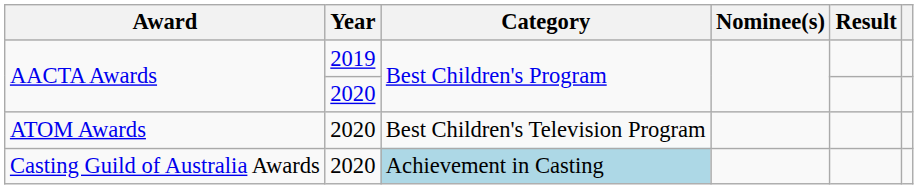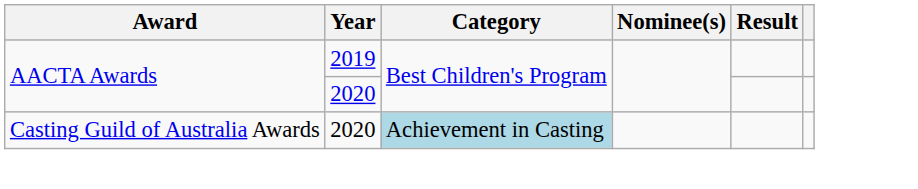 <table class="wikitable sortable">
 <tr>
 <th scop="col">Award</th>
 <th scope="col">Year</th>
 <th scope"col">Category</th>
 <th scope"col">Nominee(s)</th>
 <th scope="col">Result</th>
 <th scope="col" class="unsortable" style="align:center"></th>
 </tr>
 <tr>
 <td rowspan="2"><a href='#'>AACTA Awards</a></td>
 <td><a href='#'>2019</a></td>
 <td rowspan="2"><a href='#'>Best Children's Program</a></td>
 <td rowspan="2"></td>
 <td></td>
 <td></td>
 </tr>
 <tr>
 <td><a href='#'>2020</a></td>
 <td></td>
 <td></td>
 </tr>
 <tr>
-<td><a href='#'>ATOM Awards</a></td>
-<td>2020</td>
-<td>Best Children's Television Program</td>
-<td></td>
-<td></td>
-<td></td>
-</tr>
-<tr>
 <td><a href='#'>Casting Guild of Australia</a> Awards</td>
 <td>2020</td>
 <td style="background: lightblue;">Achievement in Casting</td>
 <td></td>
 <td></td>
 <td></td>
 </tr>
 </table>
